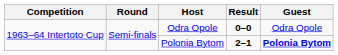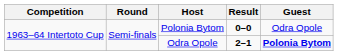 <table class="wikitable" style="text-align:center">
 <tr>
 <th>Competition</th>
 <th>Round</th>
 <th>Host</th>
 <th>Result</th>
 <th>Guest</th>
 </tr>
 <tr>
 <td rowspan=2 style="text-align:left"><a href='#'>1963–64 Intertoto Cup</a></td>
 <td rowspan=2><a href='#'>Semi-finals</a></td>
-<td><a href='#'>Odra Opole</a></td>
+<td><a href='#'>Polonia Bytom</a></td>
 <td><strong>0–0</strong></td>
 <td><a href='#'>Odra Opole</a></td>
 </tr>
 <tr>
-<td><a href='#'>Polonia Bytom</a></td>
+<td><a href='#'>Odra Opole</a></td>
 <td><strong>2–1</strong></td>
 <td><strong><a href='#'>Polonia Bytom</a></strong></td>
 </tr>
 </table>
